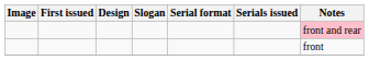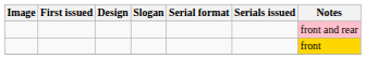 <table class="wikitable">
 <tr>
 <th>Image</th>
 <th>First issued</th>
 <th>Design</th>
 <th>Slogan</th>
 <th>Serial format</th>
 <th>Serials issued</th>
 <th>Notes</th>
 </tr>
 <tr>
 <td></td>
 <td></td>
 <td></td>
 <td></td>
 <td></td>
 <td></td>
 <td style="background: pink;">front and rear</td>
 </tr>
 <tr>
 <td></td>
 <td></td>
 <td></td>
 <td></td>
 <td></td>
 <td></td>
-<td>front</td>
+<td style="background: gold;">front</td>
 </tr>
 <tr>
 </tr>
 </table>
